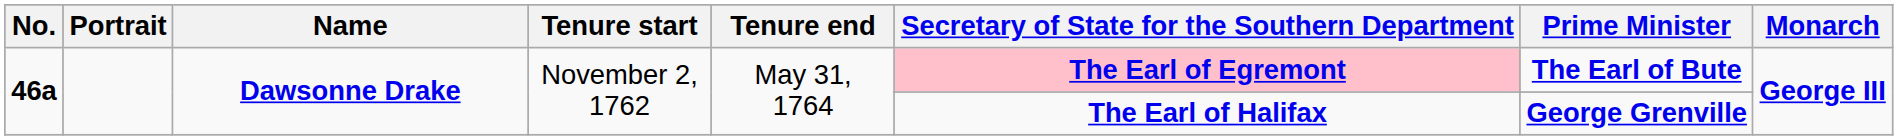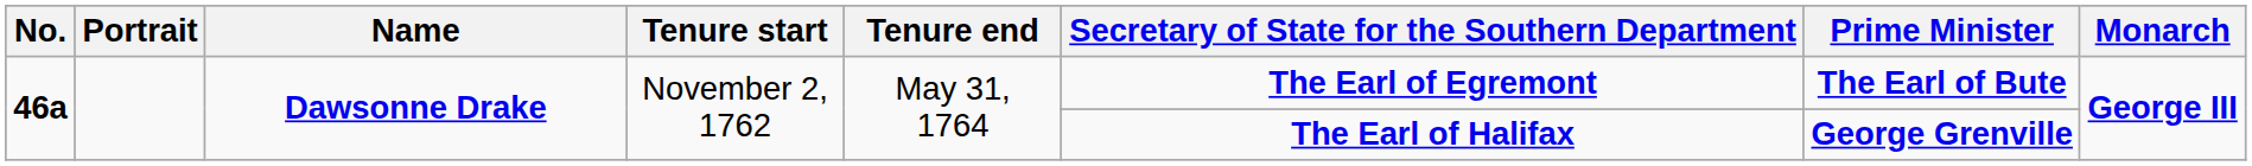 <table class="wikitable" style="text-align:center" |>
 <tr>
 <th>No.</th>
 <th>Portrait</th>
 <th width="200px">Name</th>
 <th width="100px">Tenure start</th>
 <th width="100px">Tenure end</th>
 <th><a href='#'>Secretary of State for the Southern Department</a></th>
 <th><a href='#'>Prime Minister</a></th>
 <th><a href='#'>Monarch</a></th>
 </tr>
 <tr>
 <td rowspan="3"><strong>46a</strong></td>
 <td rowspan="3"></td>
 <td rowspan="3"><strong><a href='#'>Dawsonne Drake</a></strong><br></td>
 <td rowspan="3">November 2,<br>1762</td>
 <td rowspan="3">May 31,<br>1764</td>
-<td style="background: pink;"><strong><a href='#'>The Earl of Egremont</a></strong><br></td>
+<td><strong><a href='#'>The Earl of Egremont</a></strong><br></td>
 <td rowspan="2"><strong><a href='#'>The Earl of Bute</a></strong><br></td>
 <td rowspan="3"><strong><a href='#'>George III</a></strong><br></td>
 </tr>
 <tr>
 <td rowspan="2"><strong><a href='#'>The Earl of Halifax</a></strong><br></td>
 </tr>
 <tr>
 <td><strong><a href='#'>George Grenville</a></strong><br></td>
 </tr>
 </table>
